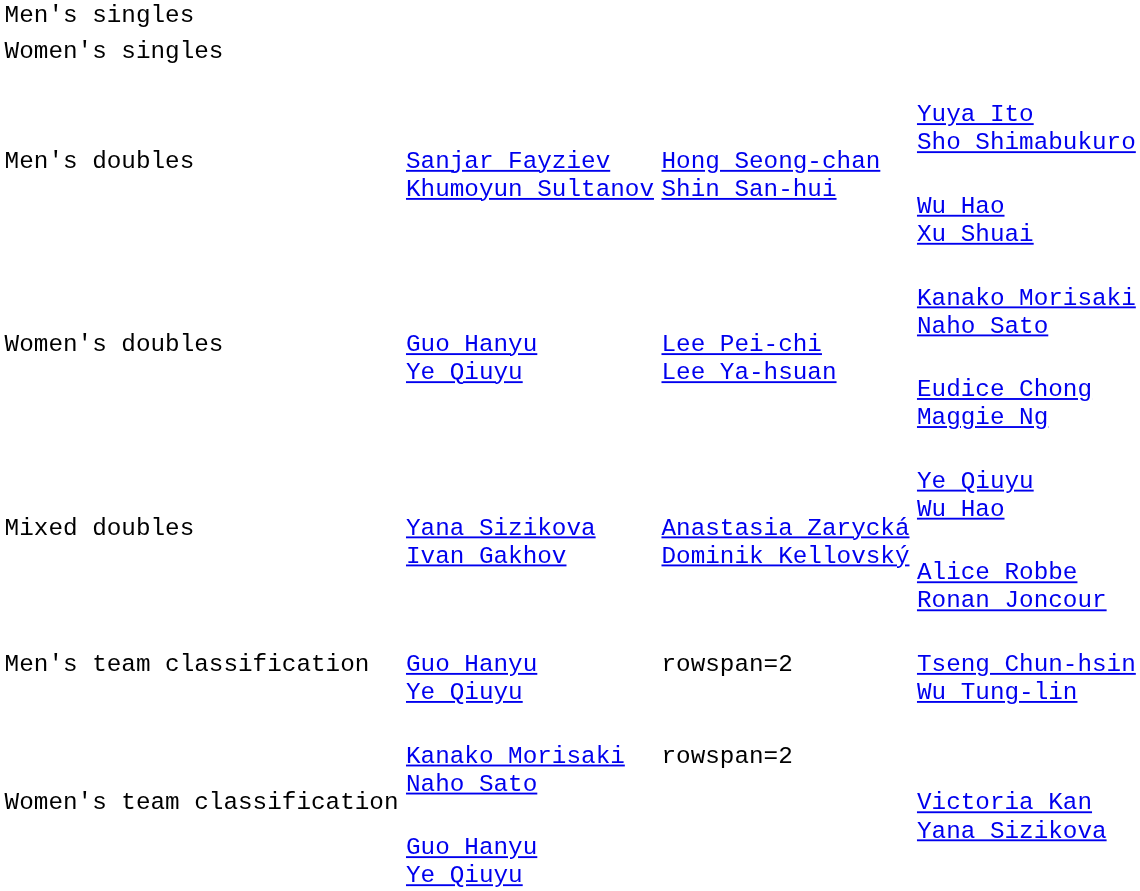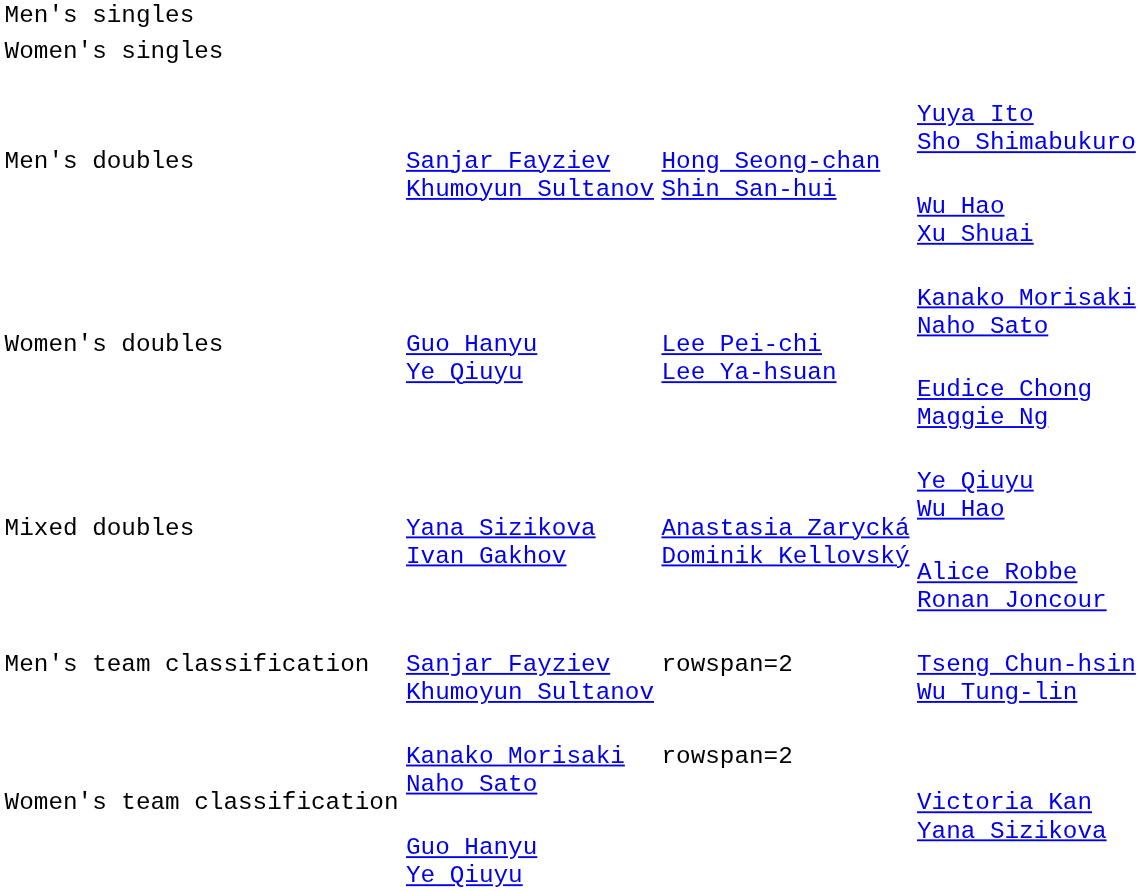 <table>
 <tr>
 <td rowspan=2>Men's singles<br></td>
 <td rowspan=2></td>
 <td rowspan=2></td>
 <td></td>
 </tr>
 <tr>
 <td></td>
 </tr>
 <tr>
 <td rowspan=2>Women's singles<br></td>
 <td rowspan=2></td>
 <td rowspan=2></td>
 <td></td>
 </tr>
 <tr>
 <td></td>
 </tr>
 <tr>
 <td rowspan=2>Men's doubles<br></td>
 <td rowspan=2><br><a href='#'>Sanjar Fayziev</a> <br> <a href='#'>Khumoyun Sultanov</a></td>
 <td rowspan=2><br><a href='#'>Hong Seong-chan</a> <br> <a href='#'>Shin San-hui</a></td>
 <td><br><a href='#'>Yuya Ito</a> <br> <a href='#'>Sho Shimabukuro</a></td>
 </tr>
 <tr>
 <td><br><a href='#'>Wu Hao</a> <br> <a href='#'>Xu Shuai</a></td>
 </tr>
 <tr>
 <td rowspan=2>Women's doubles<br></td>
 <td rowspan=2><br><a href='#'>Guo Hanyu</a> <br> <a href='#'>Ye Qiuyu</a></td>
 <td rowspan=2><br><a href='#'>Lee Pei-chi</a> <br> <a href='#'>Lee Ya-hsuan</a></td>
 <td><br><a href='#'>Kanako Morisaki</a> <br> <a href='#'>Naho Sato</a></td>
 </tr>
 <tr>
 <td><br><a href='#'>Eudice Chong</a> <br> <a href='#'>Maggie Ng</a></td>
 </tr>
 <tr>
 <td rowspan=2>Mixed doubles<br></td>
 <td rowspan=2><br><a href='#'>Yana Sizikova</a> <br> <a href='#'>Ivan Gakhov</a></td>
 <td rowspan=2><br><a href='#'>Anastasia Zarycká</a> <br> <a href='#'>Dominik Kellovský</a></td>
 <td><br><a href='#'>Ye Qiuyu</a> <br> <a href='#'>Wu Hao</a></td>
 </tr>
 <tr>
 <td><br><a href='#'>Alice Robbe</a> <br> <a href='#'>Ronan Joncour</a></td>
 </tr>
 <tr>
 <td>Men's team classification<br></td>
-<td><br><a href='#'>Guo Hanyu</a> <br> <a href='#'>Ye Qiuyu</a></td>
+<td><br><a href='#'>Sanjar Fayziev</a><br><a href='#'>Khumoyun Sultanov</a></td>
 <td>rowspan=2 </td>
 <td><br><a href='#'>Tseng Chun-hsin</a><br><a href='#'>Wu Tung-lin</a></td>
 </tr>
 <tr>
 <td rowspan=2>Women's team classification<br></td>
 <td><br><a href='#'>Kanako Morisaki</a> <br> <a href='#'>Naho Sato</a></td>
 <td>rowspan=2 </td>
 <td rowspan=2><br><a href='#'>Victoria Kan</a> <br> <a href='#'>Yana Sizikova</a></td>
 </tr>
 <tr>
 <td><br><a href='#'>Guo Hanyu</a> <br> <a href='#'>Ye Qiuyu</a></td>
 </tr>
 <tr>
 </tr>
 </table>
